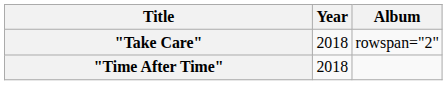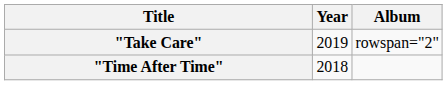 <table class="wikitable plainrowheaders" style="text-align:center;">
 <tr>
 <th scope="col" rowspan="1" style="width:19em;">Title</th>
 <th scope="col" rowspan="1" style="width:1em;">Year</th>
 <th scope="col" rowspan="1">Album</th>
 </tr>
 <tr>
 <th scope="row">"Take Care"<br></th>
-<td>2018</td>
+<td>2019</td>
 <td>rowspan="2" </td>
 </tr>
 <tr>
 <th scope="row">"Time After Time"<br></th>
 <td>2018</td>
 </tr>
 </table>
